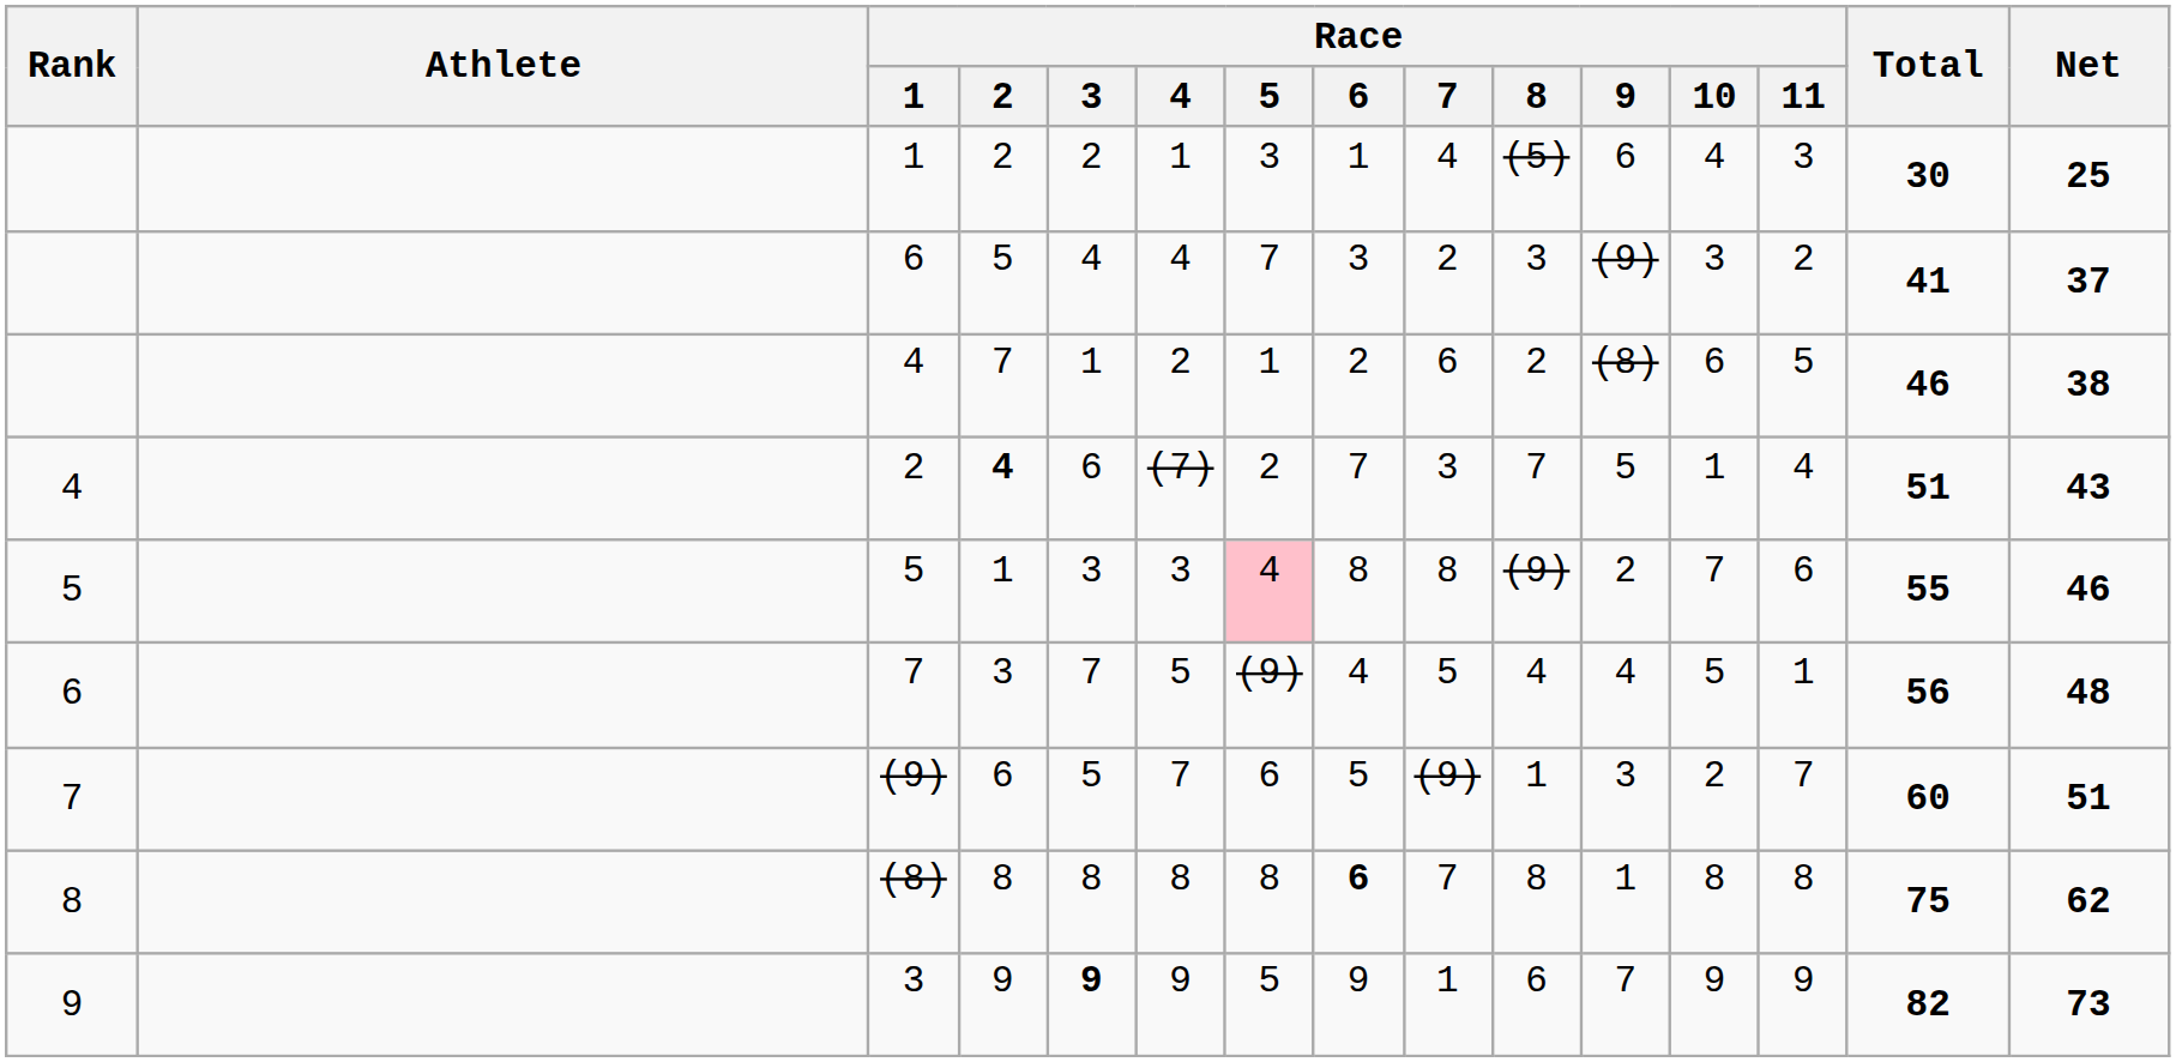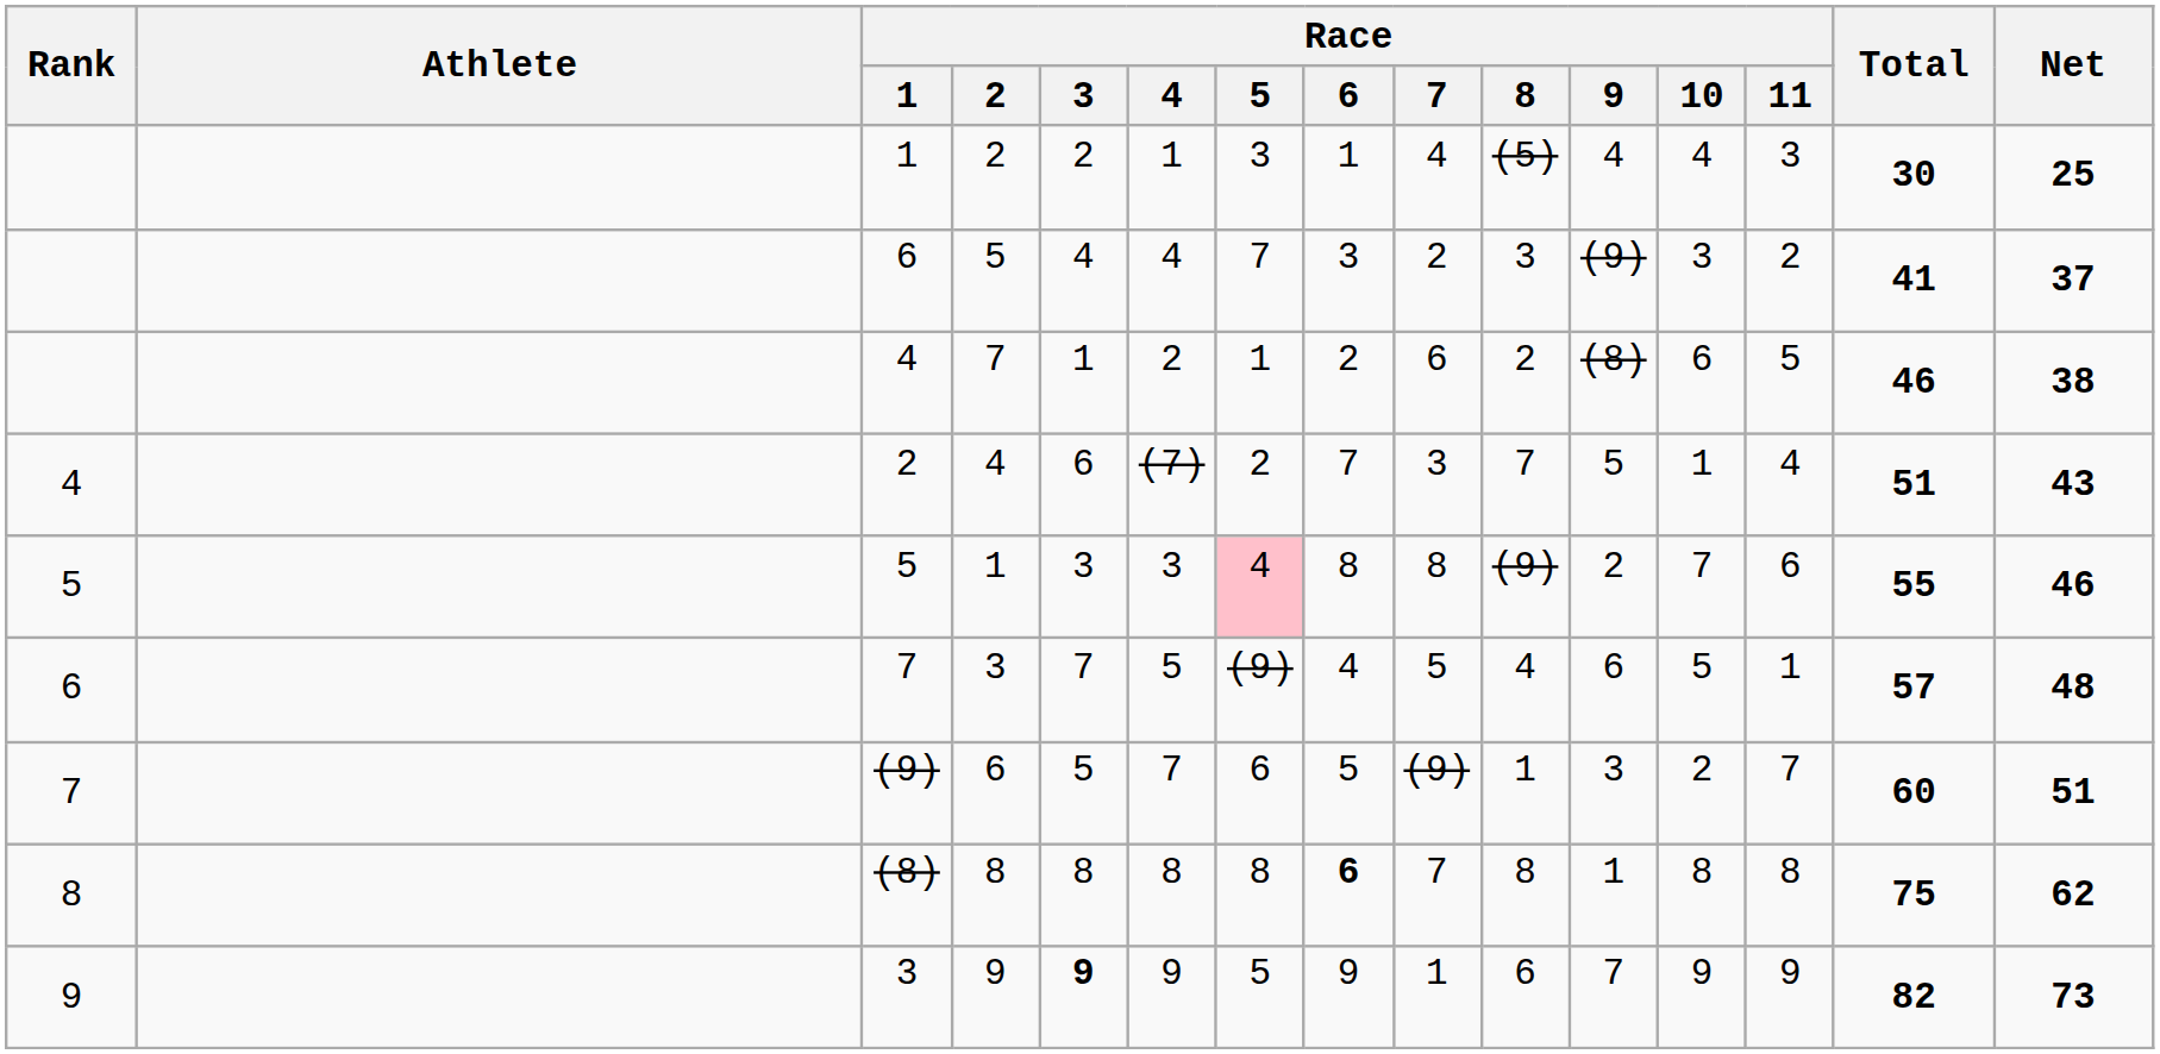 <table | class="wikitable" style="text-align:center">
 <tr>
 <th rowspan="2" width=40>Rank</th>
 <th rowspan="2" width=250>Athlete</th>
 <th colspan="11">Race</th>
 <th rowspan="2" width=50>Total</th>
 <th rowspan="2" width=50>Net</th>
 </tr>
 <tr>
 <th width=25>1</th>
 <th width=25>2</th>
 <th width=25>3</th>
 <th width=25>4</th>
 <th width=25>5</th>
 <th width=25>6</th>
 <th width=25>7</th>
 <th width=25>8</th>
 <th width=25>9</th>
 <th width=25>10</th>
 <th width=25>11</th>
 </tr>
 <tr>
 <td></td>
 <td align=left></td>
 <td>1<br> </td>
 <td>2<br> </td>
 <td>2<br> </td>
 <td>1<br> </td>
 <td>3<br> </td>
 <td>1<br> </td>
 <td>4<br> </td>
 <td><s>(5)</s><br> </td>
-<td>6<br> </td>
+<td>4<br> </td>
 <td>4<br> </td>
 <td>3<br> </td>
 <td><strong>30</strong></td>
 <td><strong>25</strong></td>
 </tr>
 <tr>
 <td></td>
 <td align="left"></td>
 <td>6<br> </td>
 <td>5<br> </td>
 <td>4<br> </td>
 <td>4<br> </td>
 <td>7<br> </td>
 <td>3<br> </td>
 <td>2<br> </td>
 <td>3<br> </td>
 <td><s>(9)</s><br> </td>
 <td>3<br> </td>
 <td>2<br> </td>
 <td><strong>41</strong></td>
 <td><strong>37</strong></td>
 </tr>
 <tr>
 <td></td>
 <td align="left"></td>
 <td>4<br> </td>
 <td>7<br> </td>
 <td>1<br> </td>
 <td>2<br> </td>
 <td>1<br> </td>
 <td>2<br> </td>
 <td>6<br> </td>
 <td>2<br> </td>
 <td><s>(8)</s><br> </td>
 <td>6<br> </td>
 <td>5<br> </td>
 <td><strong>46</strong></td>
 <td><strong>38</strong></td>
 </tr>
 <tr>
 <td>4</td>
 <td align="left"></td>
 <td>2<br> </td>
-<td><strong>4<br> </strong></td>
+<td>4<br> </td>
 <td>6<br> </td>
 <td><s>(7)</s><br> </td>
 <td>2<br> </td>
 <td>7<br> </td>
 <td>3<br> </td>
 <td>7<br> </td>
 <td>5<br> </td>
 <td>1<br> </td>
 <td>4<br> </td>
 <td><strong>51</strong></td>
 <td><strong>43</strong></td>
 </tr>
 <tr>
 <td>5</td>
 <td align=left></td>
 <td>5<br> </td>
 <td>1<br> </td>
 <td>3<br> </td>
 <td>3<br> </td>
 <td style="background: pink;">4<br> </td>
 <td>8<br> </td>
 <td>8<br> </td>
 <td><s>(9)</s><br> </td>
 <td>2<br> </td>
 <td>7<br> </td>
 <td>6<br> </td>
 <td><strong>55</strong></td>
 <td><strong>46</strong></td>
 </tr>
 <tr>
 <td>6</td>
 <td align="left"></td>
 <td>7<br> </td>
 <td>3<br> </td>
 <td>7<br> </td>
 <td>5<br> </td>
 <td><s>(9)</s><br> </td>
 <td>4<br> </td>
 <td>5<br> </td>
 <td>4<br> </td>
-<td>4<br> </td>
+<td>6<br> </td>
 <td>5<br> </td>
 <td>1<br> </td>
-<td><strong>56</strong></td>
+<td><strong>57</strong></td>
 <td><strong>48</strong></td>
 </tr>
 <tr>
 <td>7</td>
 <td align="left"></td>
 <td><s>(9)</s><br> </td>
 <td>6<br> </td>
 <td>5<br> </td>
 <td>7<br> </td>
 <td>6<br> </td>
 <td>5<br> </td>
 <td><s>(9)</s><br> </td>
 <td>1<br> </td>
 <td>3<br> </td>
 <td>2<br> </td>
 <td>7<br> </td>
 <td><strong>60</strong></td>
 <td><strong>51</strong></td>
 </tr>
 <tr>
 <td>8</td>
 <td align="left"></td>
 <td><s>(8)</s><br> </td>
 <td>8<br> </td>
 <td>8<br> </td>
 <td>8<br> </td>
 <td>8<br> </td>
 <td><strong>6<br> </strong></td>
 <td>7<br> </td>
 <td>8<br> </td>
 <td>1<br> </td>
 <td>8<br> </td>
 <td>8<br> </td>
 <td><strong>75</strong></td>
 <td><strong>62</strong></td>
 </tr>
 <tr>
 <td>9</td>
 <td align="left"></td>
 <td>3<br> </td>
 <td>9<br> </td>
 <td><strong>9<br> </strong></td>
 <td>9<br> </td>
 <td>5<br> </td>
 <td>9<br> </td>
 <td>1<br> </td>
 <td>6<br> </td>
 <td>7<br> </td>
 <td>9<br> </td>
 <td>9<br> </td>
 <td><strong>82</strong></td>
 <td><strong>73</strong></td>
 </tr>
 </table>
